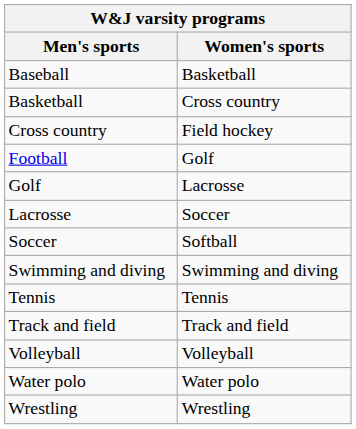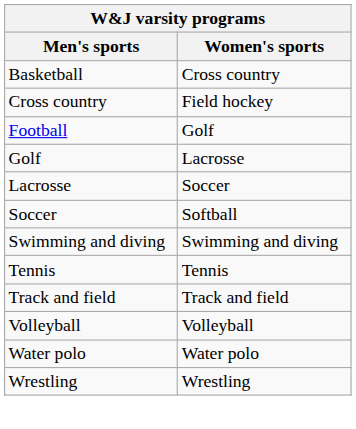 <table class="wikitable floatright">
 <tr>
 <th colspan=2>W&J varsity programs</th>
 </tr>
 <tr>
 <th width=150px>Men's sports</th>
 <th width=150px>Women's sports</th>
-</tr>
-<tr>
-<td>Baseball</td>
-<td>Basketball</td>
 </tr>
 <tr>
 <td>Basketball</td>
 <td>Cross country</td>
 </tr>
 <tr>
 <td>Cross country</td>
 <td>Field hockey</td>
 </tr>
 <tr>
 <td><a href='#'>Football</a></td>
 <td>Golf</td>
 </tr>
 <tr>
 <td>Golf</td>
 <td>Lacrosse</td>
 </tr>
 <tr>
 <td>Lacrosse</td>
 <td>Soccer</td>
 </tr>
 <tr>
 <td>Soccer</td>
 <td>Softball</td>
 </tr>
 <tr>
 <td>Swimming and diving</td>
 <td>Swimming and diving</td>
 </tr>
 <tr>
 <td>Tennis</td>
 <td>Tennis</td>
 </tr>
 <tr>
 <td>Track and field</td>
 <td>Track and field</td>
 </tr>
 <tr>
 <td>Volleyball </td>
 <td>Volleyball</td>
 </tr>
 <tr>
 <td>Water polo</td>
 <td>Water polo</td>
 </tr>
 <tr>
 <td>Wrestling</td>
 <td>Wrestling </td>
 </tr>
 </table>
